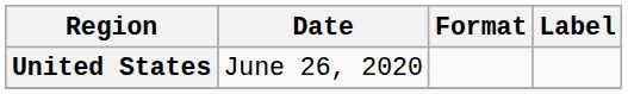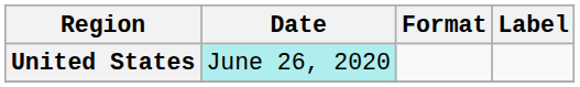 <table class="wikitable plainrowheaders" style="text-align:center;">
 <tr>
 <th>Region</th>
 <th>Date</th>
 <th>Format</th>
 <th>Label</th>
 </tr>
 <tr>
 <th scope="row">United States</th>
-<td>June 26, 2020</td>
+<td style="background: paleturquoise;">June 26, 2020</td>
 <td></td>
 <td></td>
 </tr>
 <tr>
 </tr>
 </table>
